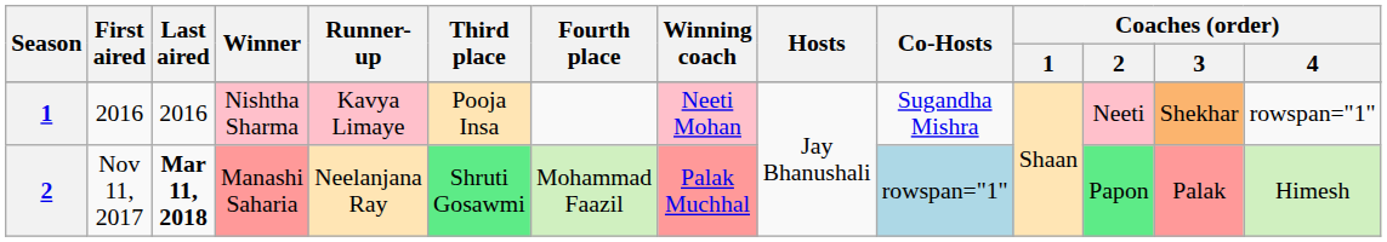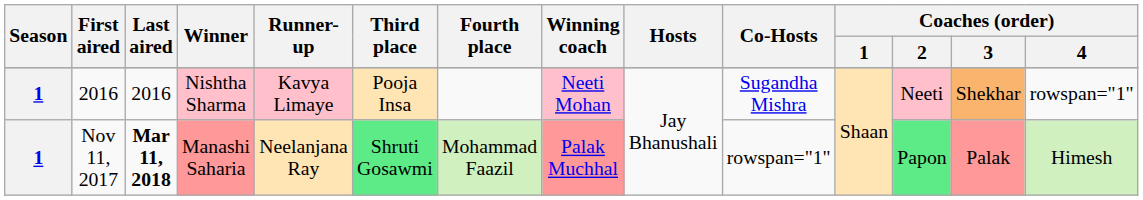 <table class="wikitable" style="text-align:center; font-size:90%; line-height:16px; width:100%;">
 <tr>
 <th scope="col" rowspan="2" width="01%">Season</th>
 <th scope="col" rowspan="2" width="08%">First aired</th>
 <th scope="col" rowspan="2" width="08%">Last aired</th>
 <th scope="col" rowspan="2" width="10%">Winner</th>
 <th scope="col" colspan=1 rowspan="2" width="8%">Runner-up</th>
 <th rowspan="2" scope="col" colspan="1" width="8%">Third place</th>
 <th rowspan="2" scope="col" colspan="1" width="8%">Fourth place</th>
 <th scope="col" rowspan="2" width="9%">Winning coach</th>
 <th scope="col" rowspan="2" width="7.5%">Hosts</th>
 <th scope="col" rowspan="2" width="7.5%">Co-Hosts</th>
 <th scope="col" colspan="4" width="20%">Coaches (order)</th>
 </tr>
 <tr>
 <th width="6%">1</th>
 <th width="6%">2</th>
 <th width="6%">3</th>
 <th width="13%">4</th>
 </tr>
 <tr>
 </tr>
 <tr>
 <th><a href='#'>1</a></th>
 <td rowspan="1"> 2016</td>
 <td rowspan="1"> 2016</td>
 <td rowspan="1" bgcolor="#FFC0CB">Nishtha Sharma</td>
 <td bgcolor="#FFC0CB">Kavya Limaye</td>
 <td bgcolor="#FFE5B4">Pooja Insa</td>
 <td></td>
 <td rowspan="1" bgcolor="#FFC0CB"><a href='#'>Neeti Mohan</a></td>
 <td rowspan="2">Jay Bhanushali</td>
 <td rowspan="1"><a href='#'>Sugandha Mishra</a></td>
 <td rowspan="2" style="background:#FFE5B4;">Shaan</td>
 <td rowspan="1" style="background:#FFC0CB;">Neeti</td>
 <td rowspan="1" style="background:#fbb46e;">Shekhar</td>
 <td>rowspan="1" </td>
 </tr>
 <tr>
-<th><a href='#'>2</a></th>
+<th><a href='#'>1</a></th>
 <td rowspan="1">Nov 11, 2017</td>
 <td rowspan="1"><strong>Mar 11, 2018</strong></td>
 <td rowspan="1" bgcolor="#ff9999">Manashi Saharia</td>
 <td bgcolor="#FFE5B4">Neelanjana Ray</td>
 <td bgcolor="#5deb87">Shruti Gosawmi</td>
 <td bgcolor="#d0f0c0">Mohammad Faazil</td>
 <td rowspan="1" style="background:#ff9999;"><a href='#'>Palak Muchhal</a></td>
-<td style="background: lightblue;">rowspan="1" </td>
+<td>rowspan="1" </td>
 <td rowspan="1" style="background:#5deb87;">Papon</td>
 <td rowspan="1" style="background:#ff9999;">Palak</td>
 <td rowspan="1" style="background:#d0f0c0;">Himesh</td>
 </tr>
 </table>
